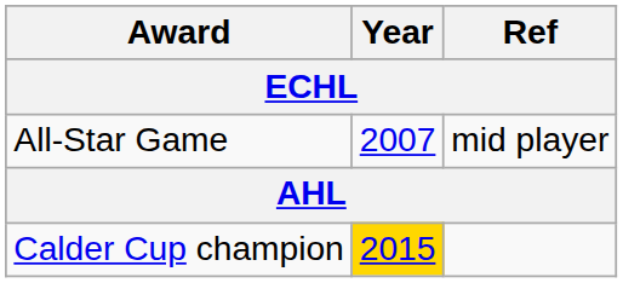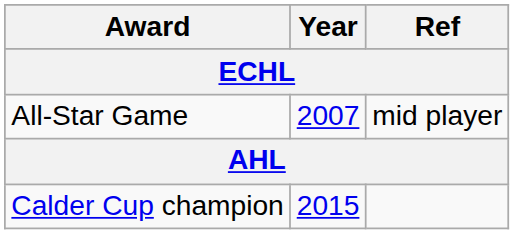 <table class="wikitable">
 <tr>
 <th>Award</th>
 <th>Year</th>
 <th>Ref</th>
 </tr>
 <tr>
 <th colspan="3"><a href='#'>ECHL</a></th>
 </tr>
 <tr>
 <td>All-Star Game</td>
 <td><a href='#'>2007</a></td>
 <td>mid player</td>
 </tr>
 <tr>
 <th colspan="3"><a href='#'>AHL</a></th>
 </tr>
 <tr>
 <td><a href='#'>Calder Cup</a> champion</td>
-<td style="background: gold;"><a href='#'>2015</a></td>
+<td><a href='#'>2015</a></td>
 <td></td>
 </tr>
 </table>
